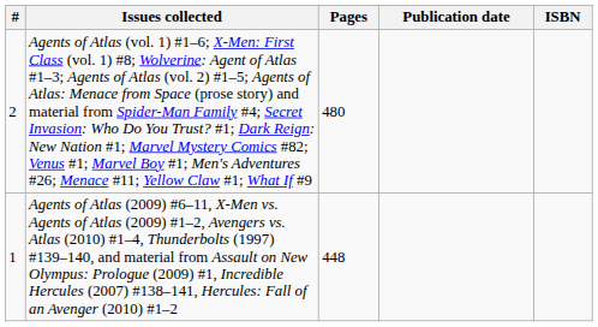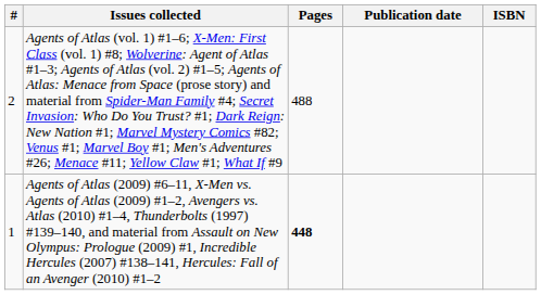 <table class="wikitable sortable" width=98%>
 <tr>
 <th class="unsortable">#</th>
 <th class="unsortable" width="50%">Issues collected</th>
 <th>Pages</th>
 <th>Publication date</th>
 <th class="unsortable">ISBN</th>
 </tr>
 <tr>
 <td>2</td>
 <td><em>Agents of Atlas</em> (vol. 1) #1–6; <em><a href='#'>X-Men: First Class</a></em> (vol. 1) #8; <em><a href='#'>Wolverine</a>: Agent of Atlas</em> #1–3; <em>Agents of Atlas</em> (vol. 2) #1–5; <em>Agents of Atlas: Menace from Space</em> (prose story) and material from <em><a href='#'>Spider-Man Family</a></em> #4; <em><a href='#'>Secret Invasion</a>: Who Do You Trust?</em> #1; <em><a href='#'>Dark Reign</a>: New Nation</em> #1; <em><a href='#'>Marvel Mystery Comics</a></em> #82; <em><a href='#'>Venus</a></em> #1; <em><a href='#'>Marvel Boy</a></em> #1; <em>Men's Adventures</em> #26; <em><a href='#'>Menace</a></em> #11; <em><a href='#'>Yellow Claw</a></em> #1; <em><a href='#'>What If</a></em> #9</td>
-<td>480</td>
+<td>488</td>
 <td></td>
 <td></td>
 </tr>
 <tr>
 <td>1</td>
 <td><em>Agents of Atlas</em> (2009) #6–11, <em>X-Men vs. Agents of Atlas</em> (2009) #1–2, <em>Avengers vs. Atlas</em> (2010) #1–4, <em>Thunderbolts</em> (1997) #139–140, and material from <em>Assault on New Olympus: Prologue</em> (2009) #1, <em>Incredible Hercules</em> (2007) #138–141, <em>Hercules: Fall of an Avenger</em> (2010) #1–2</td>
-<td>448</td>
+<td><strong>448</strong></td>
 <td></td>
 <td></td>
 </tr>
 </table>
